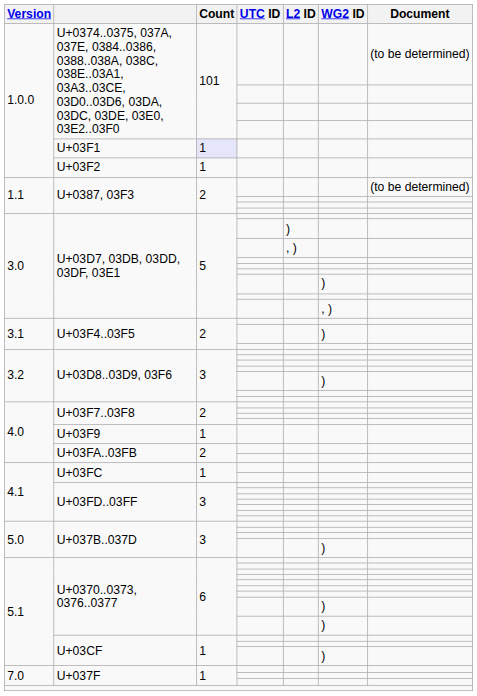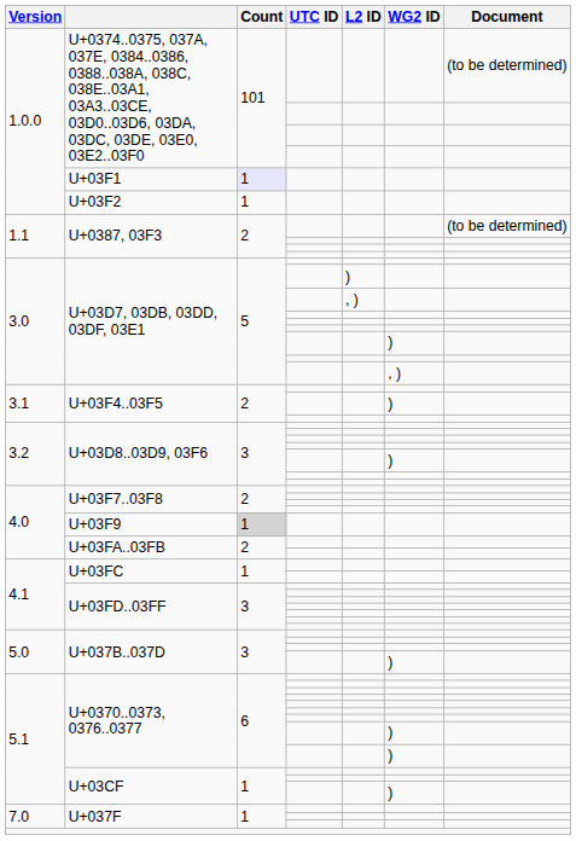 <table class="wikitable collapsible sticky-header">
 <tr>
 <th><a href='#'>Version</a></th>
 <th></th>
 <th>Count</th>
 <th><a href='#'>UTC</a> ID</th>
 <th><a href='#'>L2</a> ID</th>
 <th><a href='#'>WG2</a> ID</th>
 <th>Document</th>
 </tr>
 <tr>
 <td rowspan="6">1.0.0</td>
 <td rowspan="4" width="180">U+0374..0375, 037A, 037E, 0384..0386, 0388..038A, 038C, 038E..03A1, 03A3..03CE, 03D0..03D6, 03DA, 03DC, 03DE, 03E0, 03E2..03F0</td>
 <td rowspan="4">101</td>
 <td></td>
 <td></td>
 <td></td>
 <td>(to be determined)</td>
 </tr>
 <tr>
 <td></td>
 <td></td>
 <td></td>
 <td></td>
 </tr>
 <tr>
 <td></td>
 <td></td>
 <td></td>
 <td></td>
 </tr>
 <tr>
 <td></td>
 <td></td>
 <td></td>
 <td></td>
 </tr>
 <tr>
 <td>U+03F1</td>
 <td style="background: lavender;">1</td>
 <td></td>
 <td></td>
 <td></td>
 <td></td>
 </tr>
 <tr>
 <td>U+03F2</td>
 <td>1</td>
 <td></td>
 <td></td>
 <td></td>
 <td></td>
 </tr>
 <tr>
 <td rowspan="4">1.1</td>
 <td rowspan="4">U+0387, 03F3</td>
 <td rowspan="4">2</td>
 <td></td>
 <td></td>
 <td></td>
 <td>(to be determined)</td>
 </tr>
 <tr>
 <td></td>
 <td></td>
 <td></td>
 <td></td>
 </tr>
 <tr>
 <td></td>
 <td></td>
 <td></td>
 <td></td>
 </tr>
 <tr>
 <td></td>
 <td></td>
 <td></td>
 <td></td>
 </tr>
 <tr>
 <td rowspan="9">3.0</td>
 <td rowspan="9">U+03D7, 03DB, 03DD, 03DF, 03E1</td>
 <td rowspan="9">5</td>
 <td></td>
 <td></td>
 <td></td>
 <td></td>
 </tr>
 <tr>
 <td></td>
 <td> )</td>
 <td></td>
 <td></td>
 </tr>
 <tr>
 <td></td>
 <td> , )</td>
 <td></td>
 <td></td>
 </tr>
 <tr>
 <td></td>
 <td></td>
 <td></td>
 <td></td>
 </tr>
 <tr>
 <td></td>
 <td></td>
 <td></td>
 <td></td>
 </tr>
 <tr>
 <td></td>
 <td></td>
 <td></td>
 <td></td>
 </tr>
 <tr>
 <td></td>
 <td></td>
 <td> )</td>
 <td></td>
 </tr>
 <tr>
 <td></td>
 <td></td>
 <td></td>
 <td></td>
 </tr>
 <tr>
 <td></td>
 <td></td>
 <td> , )</td>
 <td></td>
 </tr>
 <tr>
 <td rowspan="3">3.1</td>
 <td rowspan="3">U+03F4..03F5</td>
 <td rowspan="3">2</td>
 <td></td>
 <td></td>
 <td></td>
 <td></td>
 </tr>
 <tr>
 <td></td>
 <td></td>
 <td> )</td>
 <td></td>
 </tr>
 <tr>
 <td></td>
 <td></td>
 <td></td>
 <td></td>
 </tr>
 <tr>
 <td rowspan="7">3.2</td>
 <td rowspan="7">U+03D8..03D9, 03F6</td>
 <td rowspan="7">3</td>
 <td></td>
 <td></td>
 <td></td>
 <td></td>
 </tr>
 <tr>
 <td></td>
 <td></td>
 <td></td>
 <td></td>
 </tr>
 <tr>
 <td></td>
 <td></td>
 <td></td>
 <td></td>
 </tr>
 <tr>
 <td></td>
 <td></td>
 <td></td>
 <td></td>
 </tr>
 <tr>
 <td></td>
 <td></td>
 <td> )</td>
 <td></td>
 </tr>
 <tr>
 <td></td>
 <td></td>
 <td></td>
 <td></td>
 </tr>
 <tr>
 <td></td>
 <td></td>
 <td></td>
 <td></td>
 </tr>
 <tr>
 <td rowspan="7">4.0</td>
 <td rowspan="4">U+03F7..03F8</td>
 <td rowspan="4">2</td>
 <td></td>
 <td></td>
 <td></td>
 <td></td>
 </tr>
 <tr>
 <td></td>
 <td></td>
 <td></td>
 <td></td>
 </tr>
 <tr>
 <td></td>
 <td></td>
 <td></td>
 <td></td>
 </tr>
 <tr>
 <td></td>
 <td></td>
 <td></td>
 <td></td>
 </tr>
 <tr>
 <td>U+03F9</td>
-<td>1</td>
+<td style="background: lightgrey;">1</td>
 <td></td>
 <td></td>
 <td></td>
 <td></td>
 </tr>
 <tr>
 <td rowspan="2">U+03FA..03FB</td>
 <td rowspan="2">2</td>
 <td></td>
 <td></td>
 <td></td>
 <td></td>
 </tr>
 <tr>
 <td></td>
 <td></td>
 <td></td>
 <td></td>
 </tr>
 <tr>
 <td rowspan="9">4.1</td>
 <td rowspan="2">U+03FC</td>
 <td rowspan="2">1</td>
 <td></td>
 <td></td>
 <td></td>
 <td></td>
 </tr>
 <tr>
 <td></td>
 <td></td>
 <td></td>
 <td></td>
 </tr>
 <tr>
 <td rowspan="7">U+03FD..03FF</td>
 <td rowspan="7">3</td>
 <td></td>
 <td></td>
 <td></td>
 <td></td>
 </tr>
 <tr>
 <td></td>
 <td></td>
 <td></td>
 <td></td>
 </tr>
 <tr>
 <td></td>
 <td></td>
 <td></td>
 <td></td>
 </tr>
 <tr>
 <td></td>
 <td></td>
 <td></td>
 <td></td>
 </tr>
 <tr>
 <td></td>
 <td></td>
 <td></td>
 <td></td>
 </tr>
 <tr>
 <td></td>
 <td></td>
 <td></td>
 <td></td>
 </tr>
 <tr>
 <td></td>
 <td></td>
 <td></td>
 <td></td>
 </tr>
 <tr>
 <td rowspan="4">5.0</td>
 <td rowspan="4">U+037B..037D</td>
 <td rowspan="4">3</td>
 <td></td>
 <td></td>
 <td></td>
 <td></td>
 </tr>
 <tr>
 <td></td>
 <td></td>
 <td></td>
 <td></td>
 </tr>
 <tr>
 <td></td>
 <td></td>
 <td></td>
 <td></td>
 </tr>
 <tr>
 <td></td>
 <td></td>
 <td> )</td>
 <td></td>
 </tr>
 <tr>
 <td rowspan="12">5.1</td>
 <td rowspan="9">U+0370..0373, 0376..0377</td>
 <td rowspan="9">6</td>
 <td></td>
 <td></td>
 <td></td>
 <td></td>
 </tr>
 <tr>
 <td></td>
 <td></td>
 <td></td>
 <td></td>
 </tr>
 <tr>
 <td></td>
 <td></td>
 <td></td>
 <td></td>
 </tr>
 <tr>
 <td></td>
 <td></td>
 <td></td>
 <td></td>
 </tr>
 <tr>
 <td></td>
 <td></td>
 <td></td>
 <td></td>
 </tr>
 <tr>
 <td></td>
 <td></td>
 <td></td>
 <td></td>
 </tr>
 <tr>
 <td></td>
 <td></td>
 <td></td>
 <td></td>
 </tr>
 <tr>
 <td></td>
 <td></td>
 <td> )</td>
 <td></td>
 </tr>
 <tr>
 <td></td>
 <td></td>
 <td> )</td>
 <td></td>
 </tr>
 <tr>
 <td rowspan="3">U+03CF</td>
 <td rowspan="3">1</td>
 <td></td>
 <td></td>
 <td></td>
 <td></td>
 </tr>
 <tr>
 <td></td>
 <td></td>
 <td></td>
 <td></td>
 </tr>
 <tr>
 <td></td>
 <td></td>
 <td> )</td>
 <td></td>
 </tr>
 <tr>
 <td rowspan="3">7.0</td>
 <td rowspan="3">U+037F</td>
 <td rowspan="3">1</td>
 <td></td>
 <td></td>
 <td></td>
 <td></td>
 </tr>
 <tr>
 <td></td>
 <td></td>
 <td></td>
 <td></td>
 </tr>
 <tr>
 <td></td>
 <td></td>
 <td></td>
 <td></td>
 </tr>
 <tr class="sortbottom">
 <td colspan="7"></td>
 </tr>
 </table>
